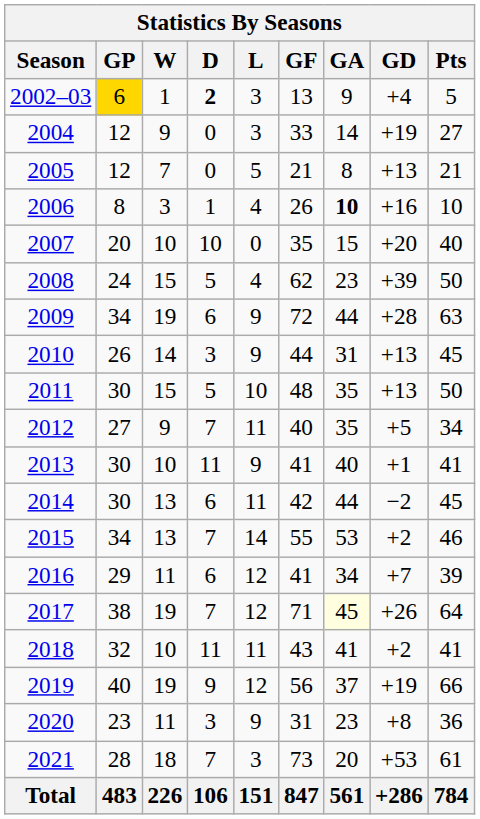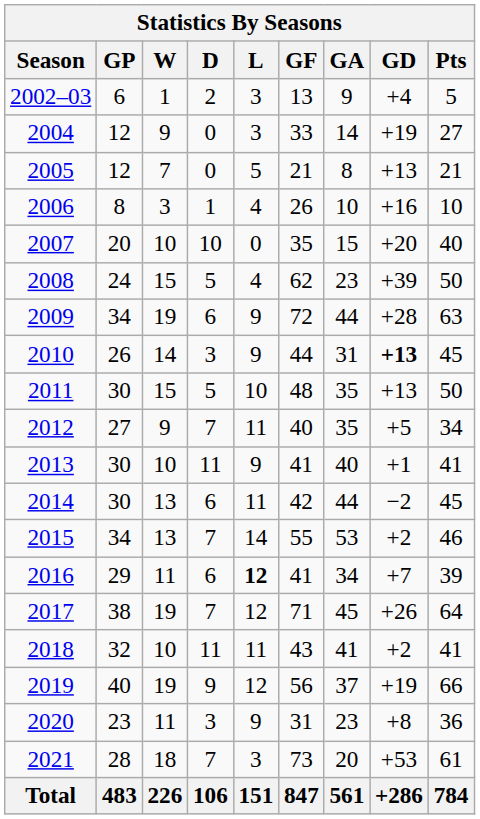 <table class="wikitable sortable" style="text-align:center">
 <tr>
 <th colspan=9>Statistics By Seasons</th>
 </tr>
 <tr>
 <th>Season</th>
 <th>GP</th>
 <th>W</th>
 <th>D</th>
 <th>L</th>
 <th>GF</th>
 <th>GA</th>
 <th>GD</th>
 <th>Pts</th>
 </tr>
 <tr>
 <td><a href='#'>2002–03</a></td>
-<td style="background: gold;">6</td>
+<td>6</td>
 <td>1</td>
-<td><strong>2</strong></td>
+<td>2</td>
 <td>3</td>
 <td>13</td>
 <td>9</td>
 <td>+4</td>
 <td>5</td>
 </tr>
 <tr>
 <td><a href='#'>2004</a></td>
 <td>12</td>
 <td>9</td>
 <td>0</td>
 <td>3</td>
 <td>33</td>
 <td>14</td>
 <td>+19</td>
 <td>27</td>
 </tr>
 <tr>
 <td><a href='#'>2005</a></td>
 <td>12</td>
 <td>7</td>
 <td>0</td>
 <td>5</td>
 <td>21</td>
 <td>8</td>
 <td>+13</td>
 <td>21</td>
 </tr>
 <tr>
 <td><a href='#'>2006</a></td>
 <td>8</td>
 <td>3</td>
 <td>1</td>
 <td>4</td>
 <td>26</td>
-<td><strong>10</strong></td>
+<td>10</td>
 <td>+16</td>
 <td>10</td>
 </tr>
 <tr>
 <td><a href='#'>2007</a></td>
 <td>20</td>
 <td>10</td>
 <td>10</td>
 <td>0</td>
 <td>35</td>
 <td>15</td>
 <td>+20</td>
 <td>40</td>
 </tr>
 <tr>
 <td><a href='#'>2008</a></td>
 <td>24</td>
 <td>15</td>
 <td>5</td>
 <td>4</td>
 <td>62</td>
 <td>23</td>
 <td>+39</td>
 <td>50</td>
 </tr>
 <tr>
 <td><a href='#'>2009</a></td>
 <td>34</td>
 <td>19</td>
 <td>6</td>
 <td>9</td>
 <td>72</td>
 <td>44</td>
 <td>+28</td>
 <td>63</td>
 </tr>
 <tr>
 <td><a href='#'>2010</a></td>
 <td>26</td>
 <td>14</td>
 <td>3</td>
 <td>9</td>
 <td>44</td>
 <td>31</td>
-<td>+13</td>
+<td><strong>+13</strong></td>
 <td>45</td>
 </tr>
 <tr>
 <td><a href='#'>2011</a></td>
 <td>30</td>
 <td>15</td>
 <td>5</td>
 <td>10</td>
 <td>48</td>
 <td>35</td>
 <td>+13</td>
 <td>50</td>
 </tr>
 <tr>
 <td><a href='#'>2012</a></td>
 <td>27</td>
 <td>9</td>
 <td>7</td>
 <td>11</td>
 <td>40</td>
 <td>35</td>
 <td>+5</td>
 <td>34</td>
 </tr>
 <tr>
 <td><a href='#'>2013</a></td>
 <td>30</td>
 <td>10</td>
 <td>11</td>
 <td>9</td>
 <td>41</td>
 <td>40</td>
 <td>+1</td>
 <td>41</td>
 </tr>
 <tr>
 <td><a href='#'>2014</a></td>
 <td>30</td>
 <td>13</td>
 <td>6</td>
 <td>11</td>
 <td>42</td>
 <td>44</td>
 <td>−2</td>
 <td>45</td>
 </tr>
 <tr>
 <td><a href='#'>2015</a></td>
 <td>34</td>
 <td>13</td>
 <td>7</td>
 <td>14</td>
 <td>55</td>
 <td>53</td>
 <td>+2</td>
 <td>46</td>
 </tr>
 <tr>
 <td><a href='#'>2016</a></td>
 <td>29</td>
 <td>11</td>
 <td>6</td>
-<td>12</td>
+<td><strong>12</strong></td>
 <td>41</td>
 <td>34</td>
 <td>+7</td>
 <td>39</td>
 </tr>
 <tr>
 <td><a href='#'>2017</a></td>
 <td>38</td>
 <td>19</td>
 <td>7</td>
 <td>12</td>
 <td>71</td>
-<td style="background: lightyellow;">45</td>
+<td>45</td>
 <td>+26</td>
 <td>64</td>
 </tr>
 <tr>
 <td><a href='#'>2018</a></td>
 <td>32</td>
 <td>10</td>
 <td>11</td>
 <td>11</td>
 <td>43</td>
 <td>41</td>
 <td>+2</td>
 <td>41</td>
 </tr>
 <tr>
 <td><a href='#'>2019</a></td>
 <td>40</td>
 <td>19</td>
 <td>9</td>
 <td>12</td>
 <td>56</td>
 <td>37</td>
 <td>+19</td>
 <td>66</td>
 </tr>
 <tr>
 <td><a href='#'>2020</a></td>
 <td>23</td>
 <td>11</td>
 <td>3</td>
 <td>9</td>
 <td>31</td>
 <td>23</td>
 <td>+8</td>
 <td>36</td>
 </tr>
 <tr>
 <td><a href='#'>2021</a></td>
 <td>28</td>
 <td>18</td>
 <td>7</td>
 <td>3</td>
 <td>73</td>
 <td>20</td>
 <td>+53</td>
 <td>61</td>
 </tr>
 <tr>
 <th>Total</th>
 <th>483</th>
 <th>226</th>
 <th>106</th>
 <th>151</th>
 <th>847</th>
 <th>561</th>
 <th>+286</th>
 <th>784</th>
 </tr>
 </table>
